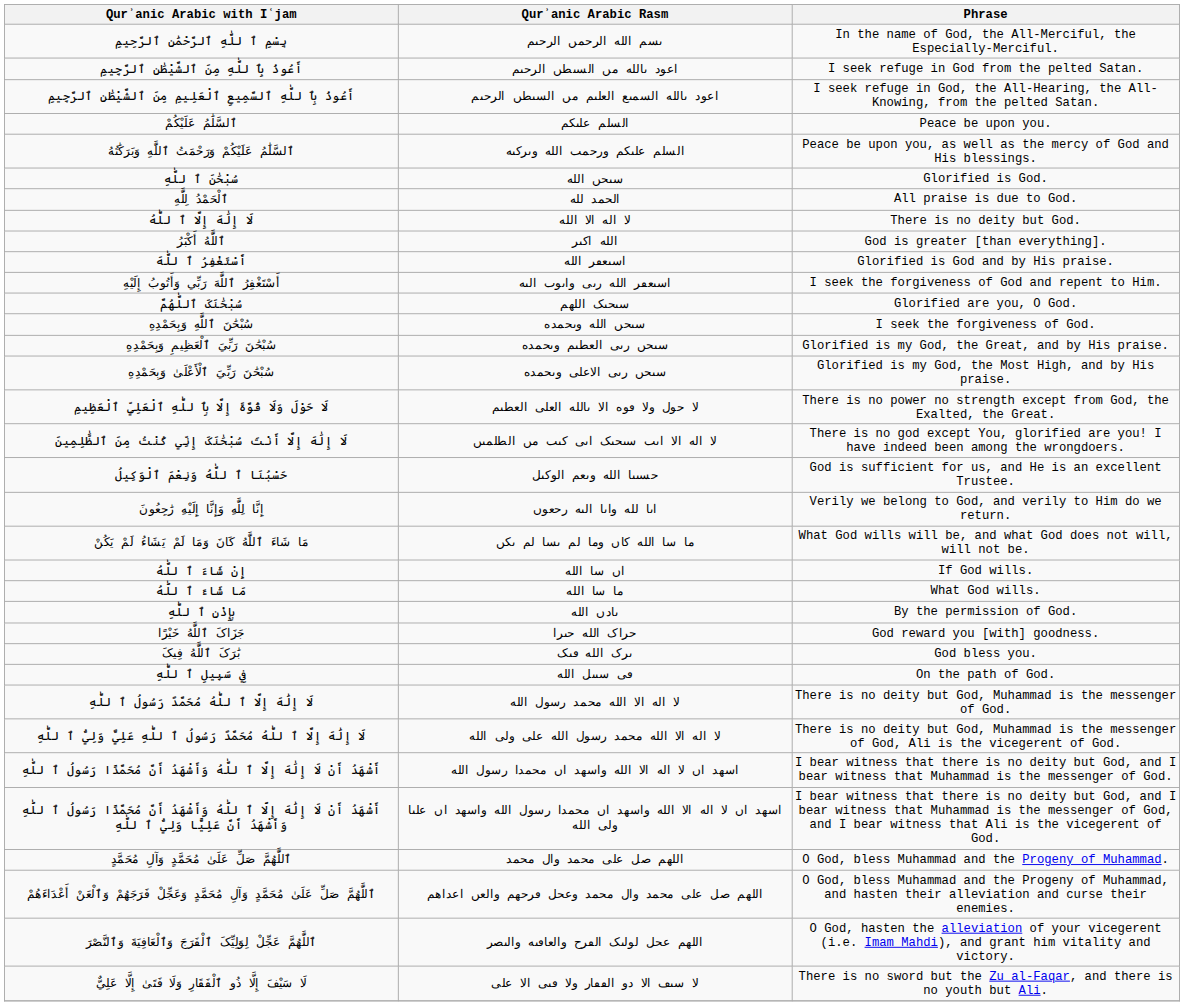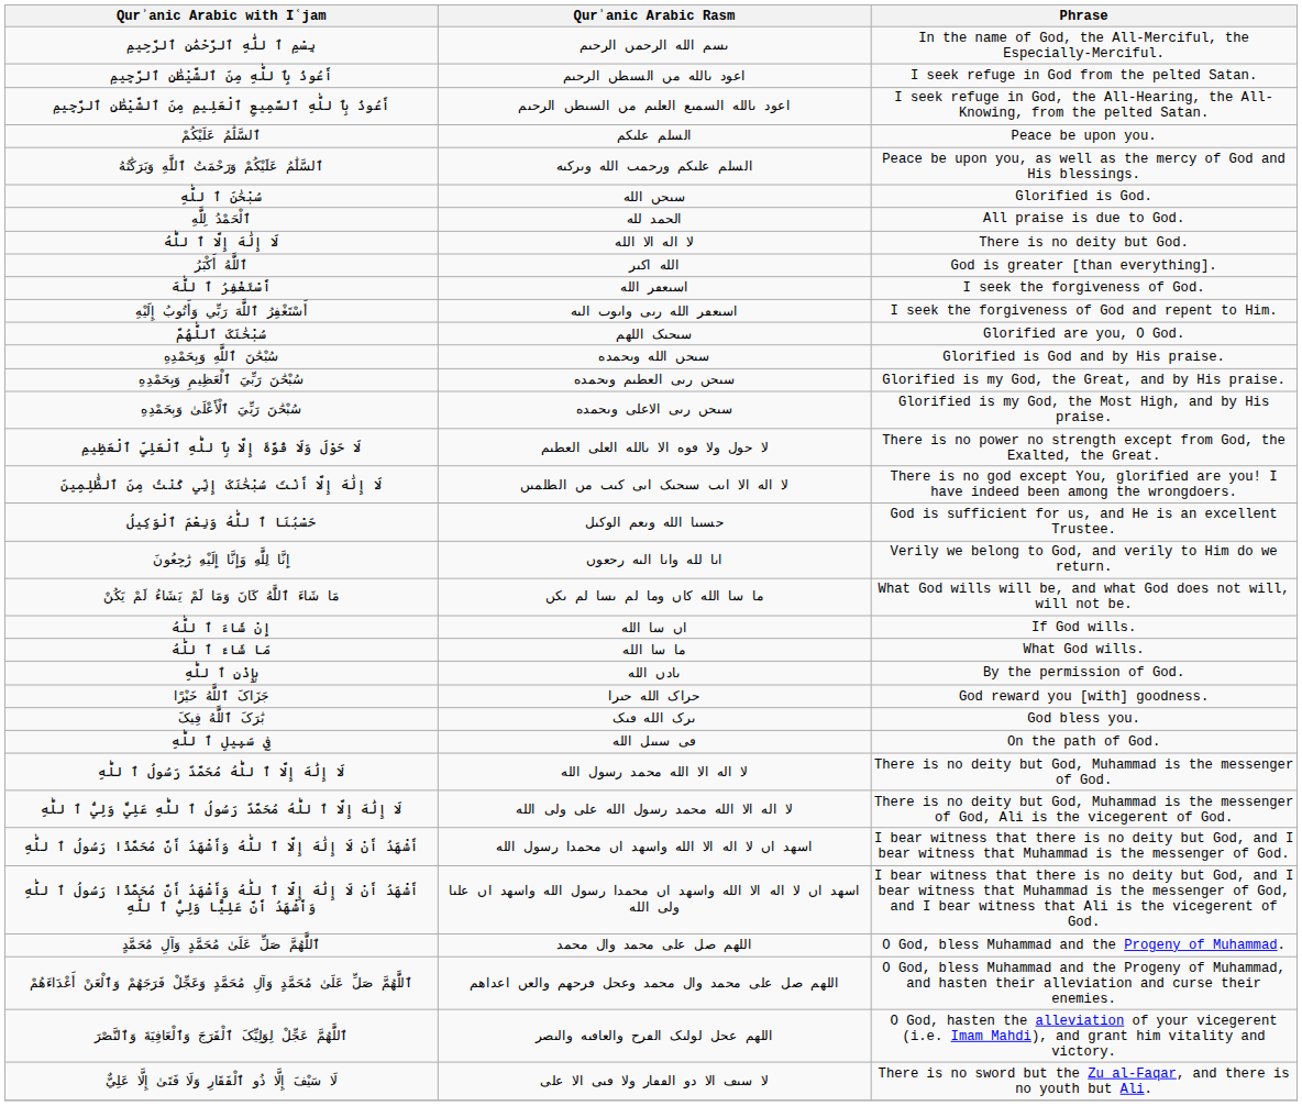 <table class="wikitable" style="text-align: center">
 <tr>
 <th style="width:33.5%;">Qurʾanic Arabic with Iʿjam</th>
 <th style="width:33.5%;">Qurʾanic Arabic Rasm</th>
 <th style="width:33%;">Phrase</th>
 </tr>
 <tr>
 <td>بِسْمِ ٱل‍لَّٰهِ ٱلرَّحْمَٰنِ ٱلرَّحِيمِ</td>
 <td>ٮسم ال‍له الرحمں الرحىم</td>
 <td>In the name of God, the All-Merciful, the Especially-Merciful.</td>
 </tr>
 <tr>
 <td>أَعُوذُ بِٱل‍لَّٰهِ مِنَ ٱلشَّيْطَٰنِ ٱلرَّجِيمِ</td>
 <td>اعود ٮال‍له مں السىطں الرحىم</td>
 <td>I seek refuge in God from the pelted Satan.</td>
 </tr>
 <tr>
 <td>أَعُوذُ بِٱل‍لَّٰهِ ٱلسَّمِيعِ ٱلْعَلِيمِ مِنَ ٱلشَّيْطَٰنِ ٱلرَّجِيمِ</td>
 <td>اعود ٮال‍له السمىع العلىم مں السىطں الرحىم</td>
 <td>I seek refuge in God, the All-Hearing, the All-Knowing, from the pelted Satan.</td>
 </tr>
 <tr>
 <td>ٱلسَّلَٰمُ عَلَيْکُمْ</td>
 <td>السلم علىکم</td>
 <td>Peace be upon you.</td>
 </tr>
 <tr>
 <td>ٱلسَّلَٰمُ عَلَيْکُمْ وَرَحْمَتُ ٱل‍لَّٰهِ وَبَرَکَٰتُهُ</td>
 <td>السلم علىکم ورحمٮ ال‍له وٮرکٮه</td>
 <td>Peace be upon you, as well as the mercy of God and His blessings.</td>
 </tr>
 <tr>
 <td>سُبْحَٰنَ ٱل‍لَّٰهِ</td>
 <td>سٮحں ال‍له</td>
 <td>Glorified is God.</td>
 </tr>
 <tr>
 <td>ٱلْحَمْدُ لِ‍لَّٰهِ</td>
 <td>الحمد ل‍له</td>
 <td>All praise is due to God.</td>
 </tr>
 <tr>
 <td>لَا إِلَٰهَ إِلَّا ٱل‍لَّٰهُ</td>
 <td>لا اله الا ال‍له</td>
 <td>There is no deity but God.</td>
 </tr>
 <tr>
 <td>ٱل‍لَّٰهُ أَکْبَرُ</td>
 <td>ال‍له اکٮر</td>
 <td>God is greater [than everything].</td>
 </tr>
 <tr>
 <td>أَسْتَغْفِرُ ٱل‍لَّٰهَ</td>
 <td>اسٮعڡر ال‍له</td>
-<td>Glorified is God and by His praise.</td>
+<td>I seek the forgiveness of God.</td>
 </tr>
 <tr>
 <td>أَسْتَغْفِرُ ٱل‍لَّٰهَ رَبِّي وَأَتُوبُ إِلَيْهِ</td>
 <td>اسٮعڡر ال‍له رٮى واٮوٮ الىه</td>
 <td>I seek the forgiveness of God and repent to Him.</td>
 </tr>
 <tr>
 <td>سُبْحَٰنَکَ ٱل‍لَّٰهُمَّ</td>
 <td>سٮحںک ال‍لهم</td>
 <td>Glorified are you, O God.</td>
 </tr>
 <tr>
 <td>سُبْحَٰنَ ٱل‍لَّٰهِ وَبِحَمْدِهِ</td>
 <td>سٮحں ال‍له وٮحمده</td>
-<td>I seek the forgiveness of God.</td>
+<td>Glorified is God and by His praise.</td>
 </tr>
 <tr>
 <td>سُبْحَٰنَ رَبِّيَ ٱلْعَظِيمِ وَبِحَمْدِهِ</td>
 <td>سٮحں رٮى العطىم وٮحمده</td>
 <td>Glorified is my God, the Great, and by His praise.</td>
 </tr>
 <tr>
 <td>سُبْحَٰنَ رَبِّيَ ٱلْأَعْلَىٰ وَبِحَمْدِهِ</td>
 <td>سٮحں رٮى الاعلى وٮحمده</td>
 <td>Glorified is my God, the Most High, and by His praise.</td>
 </tr>
 <tr>
 <td>لَا حَوْلَ وَلَا قُوَّةَ إِلَّا بِٱل‍لَّٰهِ ٱلْعَلِيِّ ٱلْعَظِيمِ</td>
 <td>لا حول ولا ٯوه الا ٮال‍له العلى العطىم</td>
 <td>There is no power no strength except from God, the Exalted, the Great.</td>
 </tr>
 <tr>
 <td>لَا إِلَٰهَ إِلَّا أَنْتَ سُبْحَٰنَکَ إِنِّي کُنْتُ مِنَ ٱلظَّٰلِمِينَ</td>
 <td>لا اله الا اںٮ سٮحںک اںى کںٮ مں الطلمىں</td>
 <td>There is no god except You, glorified are you! I have indeed been among the wrongdoers.</td>
 </tr>
 <tr>
 <td>حَسْبُنَا ٱل‍لَّٰهُ وَنِعْمَ ٱلْوَکِيلُ</td>
 <td>حسٮںا ال‍له وںعم الوکىل</td>
 <td>God is sufficient for us, and He is an excellent Trustee.</td>
 </tr>
 <tr>
 <td>إِنَّا لِ‍لَّٰهِ وَإِنَّا إِلَيْهِ رَٰجِعُونَ</td>
 <td>اںا ل‍له واںا الىه رحعوں</td>
 <td>Verily we belong to God, and verily to Him do we return.</td>
 </tr>
 <tr>
 <td>مَا شَاءَ ٱل‍لَّٰهُ کَانَ وَمَا لَمْ يَشَاءُ لَمْ يَکُنْ</td>
 <td>ما سا ال‍له کاں وما لم ىسا لم ىکں</td>
 <td>What God wills will be, and what God does not will, will not be.</td>
 </tr>
 <tr>
 <td>إِنْ شَاءَ ٱل‍لَّٰهُ</td>
 <td>اں سا ال‍له</td>
 <td>If God wills.</td>
 </tr>
 <tr>
 <td>مَا شَاءَ ٱل‍لَّٰهُ</td>
 <td>ما سا ال‍له</td>
 <td>What God wills.</td>
 </tr>
 <tr>
 <td>بِإِذْنِ ٱل‍لَّٰهِ</td>
 <td>ٮادں ال‍له</td>
 <td>By the permission of God.</td>
 </tr>
 <tr>
 <td>جَزَاکَ ٱل‍لَّٰهُ خَيْرًا</td>
 <td>حراک ال‍له حىرا</td>
 <td>God reward you [with] goodness.</td>
 </tr>
 <tr>
 <td>بَٰرَکَ ٱل‍لَّٰهُ فِيکَ</td>
 <td>ٮرک ال‍له ڡىک</td>
 <td>God bless you.</td>
 </tr>
 <tr>
 <td>فِي سَبِيلِ ٱل‍لَّٰهِ</td>
 <td>ڡى سٮىل ال‍له</td>
 <td>On the path of God.</td>
 </tr>
 <tr>
 <td>لَا إِلَٰهَ إِلَّا ٱل‍لَّٰهُ مُحَمَّدٌ رَسُولُ ٱل‍لَّٰهِ</td>
 <td>لا اله الا ال‍له محمد رسول ال‍له</td>
 <td>There is no deity but God, Muhammad is the messenger of God.</td>
 </tr>
 <tr>
 <td>لَا إِلَٰهَ إِلَّا ٱل‍لَّٰهُ مُحَمَّدٌ رَسُولُ ٱل‍لَّٰهِ عَلِيٌّ وَلِيُّ ٱل‍لَّٰهِ</td>
 <td>لا اله الا ال‍له محمد رسول ال‍له على ولى ال‍له</td>
 <td>There is no deity but God, Muhammad is the messenger of God, Ali is the vicegerent of God. </td>
 </tr>
 <tr>
 <td>أَشْهَدُ أَنْ لَا إِلَٰهَ إِلَّا ٱل‍لَّٰهُ وَأَشْهَدُ أَنَّ مُحَمَّدًا رَسُولُ ٱل‍لَّٰهِ</td>
 <td>اسهد اں لا اله الا ال‍له واسهد اں محمدا رسول ال‍له</td>
 <td>I bear witness that there is no deity but God, and I bear witness that Muhammad is the messenger of God.</td>
 </tr>
 <tr>
 <td>أَشْهَدُ أَنْ لَا إِلَٰهَ إِلَّا ٱل‍لَّٰهُ وَأَشْهَدُ أَنَّ مُحَمَّدًا رَسُولُ ٱل‍لَّٰهِ وَأَشْهَدُ أَنَّ عَلِيًّا وَلِيُّ ٱل‍لَّٰهِ</td>
 <td>اسهد اں لا اله الا ال‍له واسهد اں محمدا رسول ال‍له واسهد اں علىا ولى ال‍له</td>
 <td>I bear witness that there is no deity but God, and I bear witness that Muhammad is the messenger of God, and I bear witness that Ali is the vicegerent of God. </td>
 </tr>
 <tr>
 <td>ٱل‍لَّٰهُمَّ صَلِّ عَلَىٰ مُحَمَّدٍ وَآلِ مُحَمَّدٍ</td>
 <td>ال‍لهم صل على محمد وال محمد</td>
 <td>O God, bless Muhammad and the <a href='#'>Progeny of Muhammad</a>.</td>
 </tr>
 <tr>
 <td>ٱل‍لَّٰهُمَّ صَلِّ عَلَىٰ مُحَمَّدٍ وَآلِ مُحَمَّدٍ وَعَجِّلْ فَرَجَهُمْ وَٱلْعَنْ أَعْدَاءَهُمْ</td>
 <td>ال‍لهم صل على محمد وال محمد وعحل ڡرحهم والعں اعداهم</td>
 <td>O God, bless Muhammad and the Progeny of Muhammad, and hasten their alleviation and curse their enemies. </td>
 </tr>
 <tr>
 <td>ٱل‍لَّٰهُمَّ عَجِّلْ لِوَلِيِّکَ ٱلْفَرَجَ وَٱلْعَافِيَةَ وَٱلنَّصْرَ</td>
 <td>ال‍لهم عحل لولىک الڡرح والعاڡىه والںصر</td>
 <td>O God, hasten the <a href='#'>alleviation</a> of your vicegerent (i.e. <a href='#'>Imam Mahdi</a>), and grant him vitality and victory. </td>
 </tr>
 <tr>
 <td>لَا سَيْفَ إِلَّا ذُو ٱلْفَقَارِ وَلَا فَتَىٰ إِلَّا عَلِيٌّ</td>
 <td>لا سىڡ الا دو الڡٯار ولا ڡٮى الا على</td>
 <td>There is no sword but the <a href='#'>Zu al-Faqar</a>, and there is no youth but <a href='#'>Ali</a>. </td>
 </tr>
 <tr>
 </tr>
 </table>
